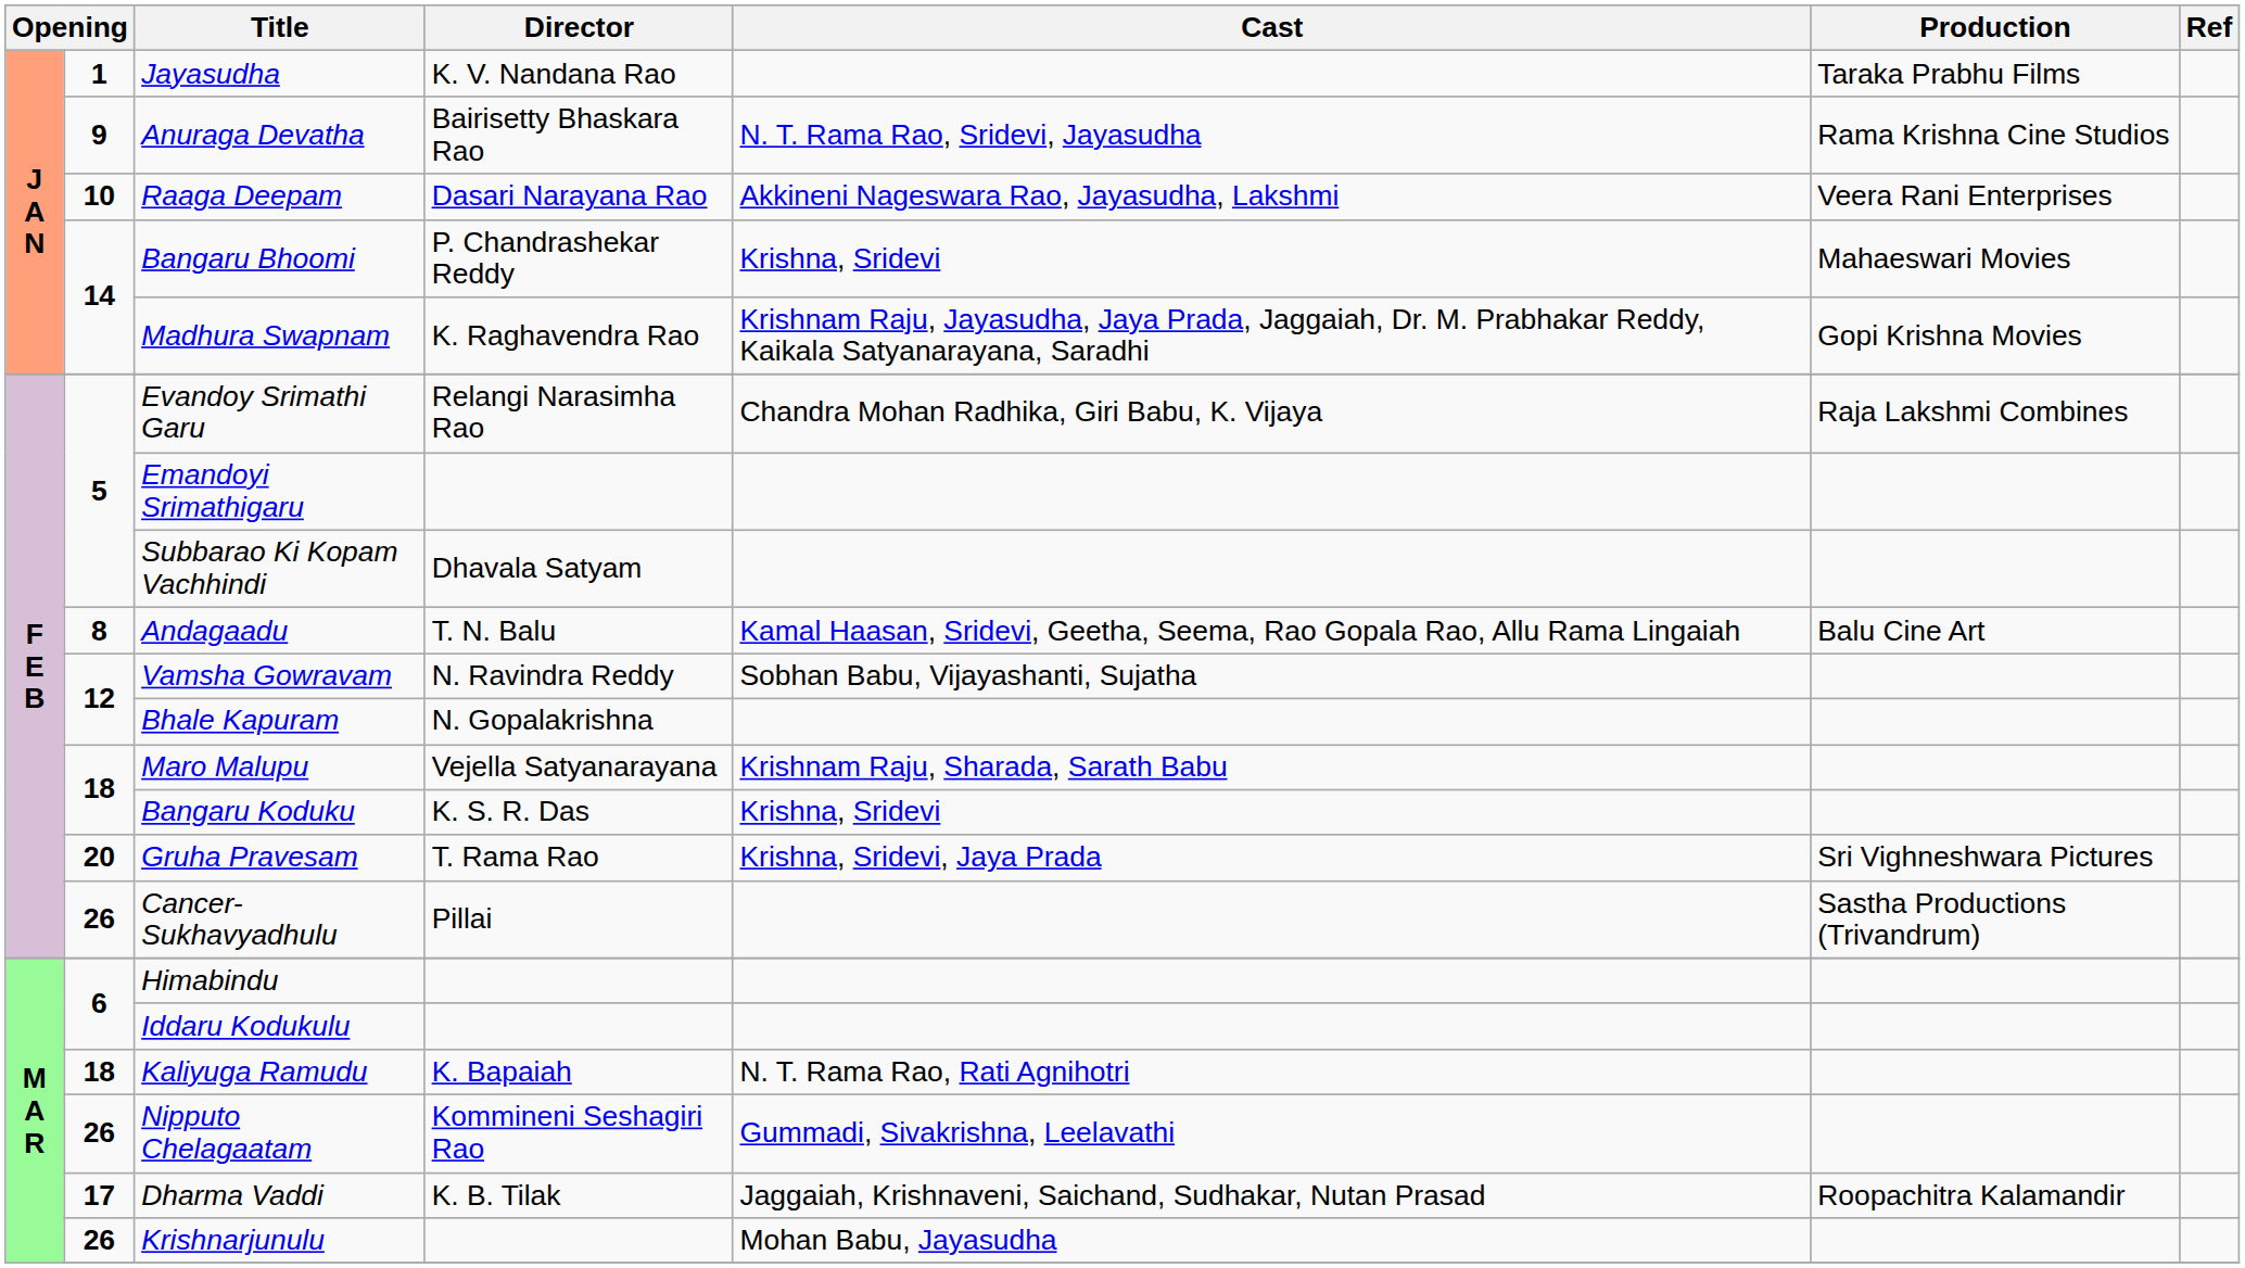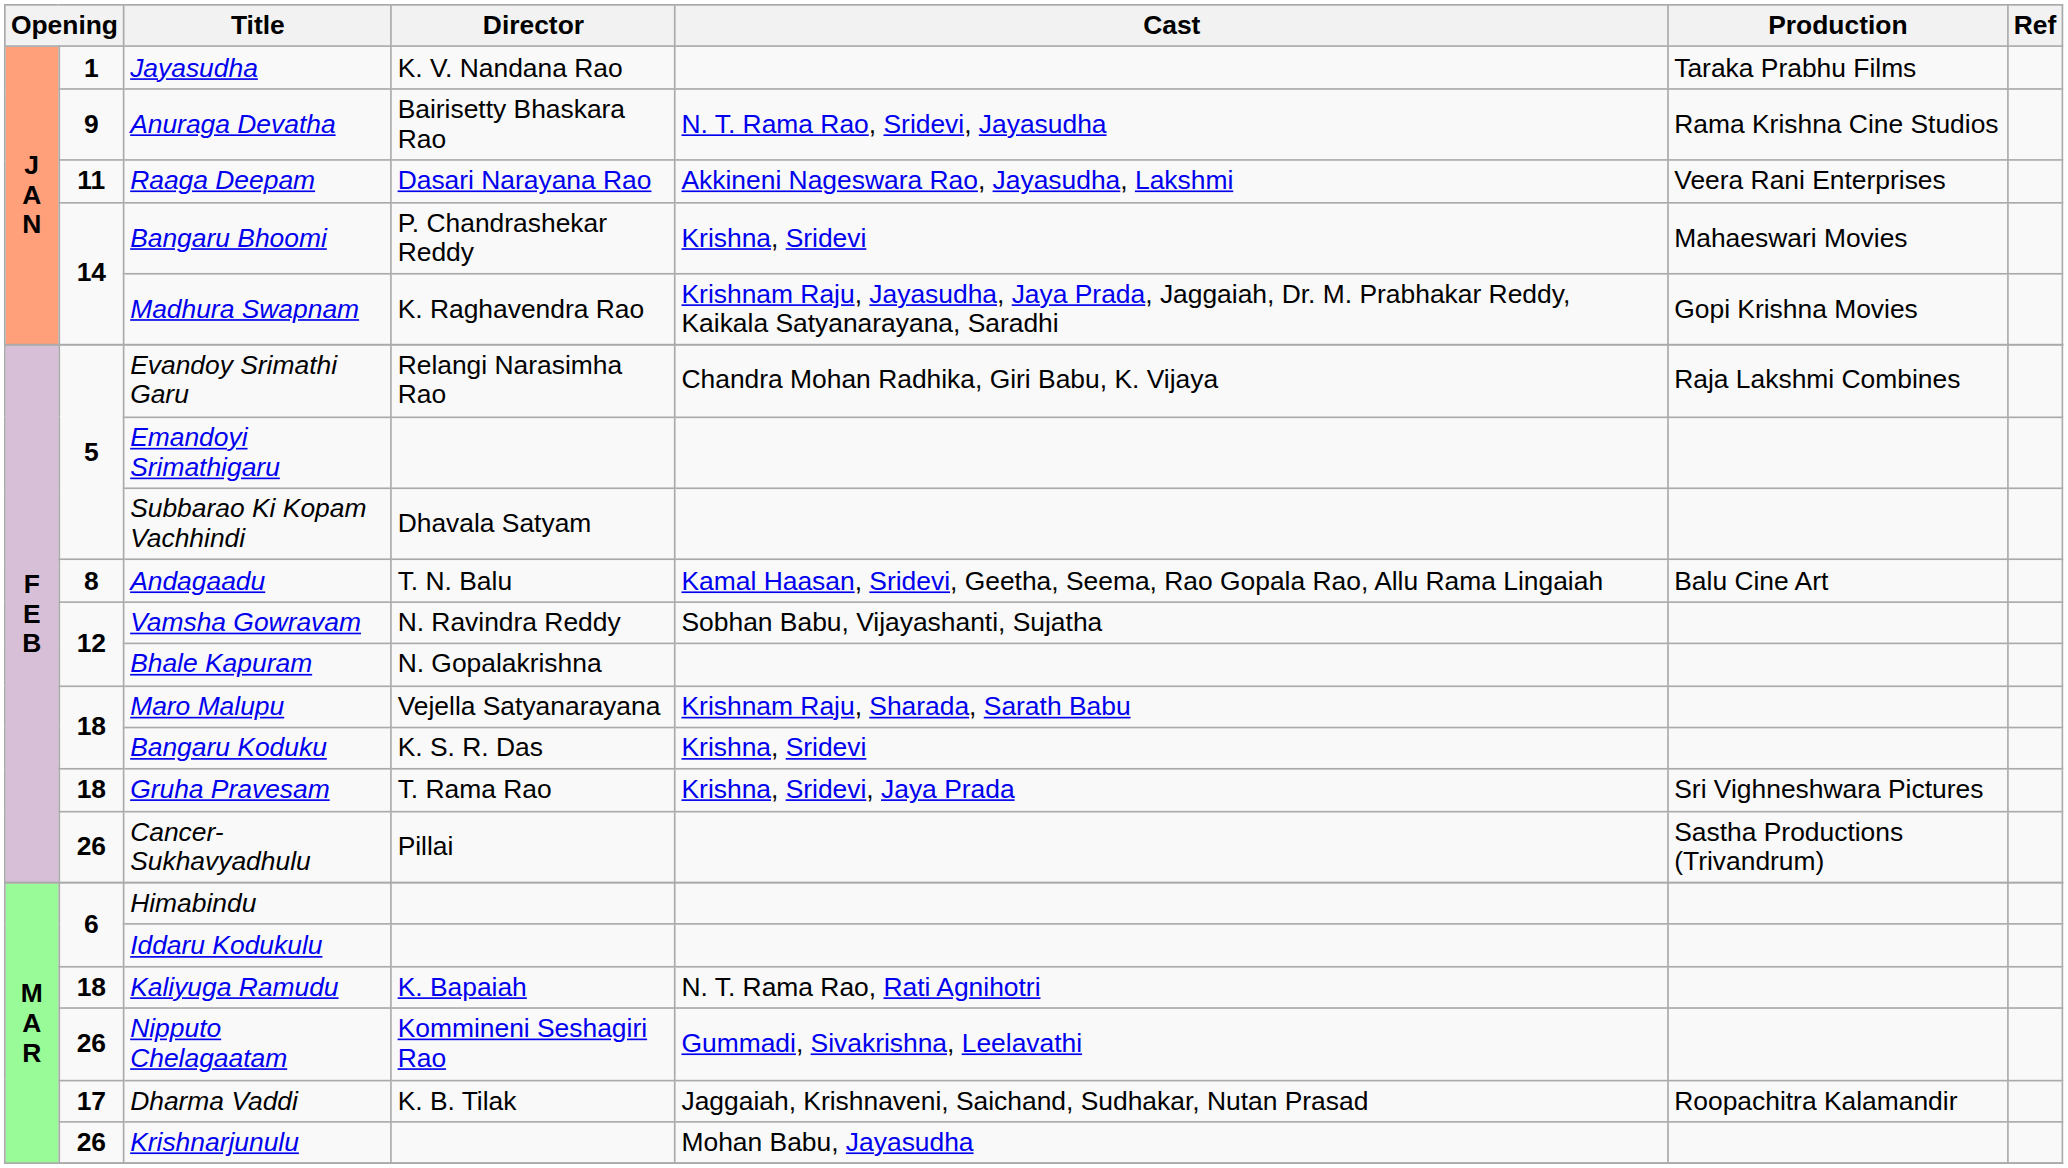 <table class="wikitable">
 <tr style="background:#b0e0e6; text-align:center;">
 <th colspan="2">Opening</th>
 <th style="width:13%;">Title</th>
 <th>Director</th>
 <th>Cast</th>
 <th>Production</th>
 <th>Ref</th>
 </tr>
 <tr January!>
 <td rowspan="5"   style="text-align:center; background:#ffa07a; textcolor:#000;"><strong>J<br>A<br>N</strong></td>
 <td rowspan=1 style="text-align:center;"><strong>1</strong></td>
 <td><em><a href='#'>Jayasudha</a></em></td>
 <td>K. V. Nandana Rao</td>
 <td></td>
 <td>Taraka Prabhu Films</td>
 <td></td>
 </tr>
 <tr>
 <td rowspan=1 style="text-align:center;"><strong>9</strong></td>
 <td><em><a href='#'>Anuraga Devatha</a></em></td>
 <td>Bairisetty Bhaskara Rao</td>
 <td><a href='#'>N. T. Rama Rao</a>, <a href='#'>Sridevi</a>, <a href='#'>Jayasudha</a></td>
 <td>Rama Krishna Cine Studios</td>
 <td></td>
 </tr>
 <tr>
-<td rowspan=1 style="text-align:center;"><strong>10</strong></td>
+<td rowspan=1 style="text-align:center;"><strong>11</strong></td>
 <td><em><a href='#'>Raaga Deepam</a></em></td>
 <td><a href='#'>Dasari Narayana Rao</a></td>
 <td><a href='#'>Akkineni Nageswara Rao</a>, <a href='#'>Jayasudha</a>, <a href='#'>Lakshmi</a></td>
 <td>Veera Rani Enterprises</td>
 <td></td>
 </tr>
 <tr>
 <td rowspan=2 style="text-align:center;"><strong>14</strong></td>
 <td><em><a href='#'>Bangaru Bhoomi</a></em></td>
 <td>P. Chandrashekar Reddy</td>
 <td><a href='#'>Krishna</a>, <a href='#'>Sridevi</a></td>
 <td>Mahaeswari Movies</td>
 <td></td>
 </tr>
 <tr>
 <td><em><a href='#'>Madhura Swapnam</a></em></td>
 <td>K. Raghavendra Rao</td>
 <td><a href='#'>Krishnam Raju</a>, <a href='#'>Jayasudha</a>, <a href='#'>Jaya Prada</a>, Jaggaiah, Dr. M. Prabhakar Reddy, Kaikala Satyanarayana, Saradhi</td>
 <td>Gopi Krishna Movies</td>
 <td></td>
 </tr>
 <tr>
 </tr>
 <tr February!>
 <td rowspan="10"   style="text-align:center; background:thistle; textcolor:#000;"><strong>F<br>E<br>B</strong></td>
 <td rowspan="3" style="text-align:center;"><strong>5</strong></td>
 <td><em>Evandoy Srimathi Garu</em></td>
 <td>Relangi Narasimha Rao</td>
 <td>Chandra Mohan Radhika, Giri Babu, K. Vijaya</td>
 <td>Raja Lakshmi Combines</td>
 <td></td>
 </tr>
 <tr>
 <td><em><a href='#'>Emandoyi Srimathigaru</a></em></td>
 <td></td>
 <td></td>
 <td></td>
 <td></td>
 </tr>
 <tr>
 <td><em>Subbarao Ki Kopam Vachhindi</em></td>
 <td>Dhavala Satyam</td>
 <td></td>
 <td></td>
 <td></td>
 </tr>
 <tr>
 <td style="text-align:center;"><strong>8</strong></td>
 <td><em><a href='#'>Andagaadu</a></em></td>
 <td>T. N. Balu</td>
 <td><a href='#'>Kamal Haasan</a>, <a href='#'>Sridevi</a>, Geetha, Seema, Rao Gopala Rao, Allu Rama Lingaiah</td>
 <td>Balu Cine Art</td>
 <td></td>
 </tr>
 <tr>
 <td rowspan=2 style="text-align:center;"><strong>12</strong></td>
 <td><em><a href='#'>Vamsha Gowravam</a></em></td>
 <td>N. Ravindra Reddy</td>
 <td>Sobhan Babu, Vijayashanti, Sujatha</td>
 <td></td>
 <td></td>
 </tr>
 <tr>
 <td><em><a href='#'>Bhale Kapuram</a></em></td>
 <td>N. Gopalakrishna</td>
 <td></td>
 <td></td>
 <td></td>
 </tr>
 <tr>
 <td rowspan=2 style="text-align:center;"><strong>18</strong></td>
 <td><em><a href='#'>Maro Malupu</a></em></td>
 <td>Vejella Satyanarayana</td>
 <td><a href='#'>Krishnam Raju</a>, <a href='#'>Sharada</a>, <a href='#'>Sarath Babu</a></td>
 <td></td>
 <td></td>
 </tr>
 <tr>
 <td><em><a href='#'>Bangaru Koduku</a></em></td>
 <td>K. S. R. Das</td>
 <td><a href='#'>Krishna</a>, <a href='#'>Sridevi</a></td>
 <td></td>
 <td></td>
 </tr>
 <tr>
-<td style="text-align:center;"><strong>20</strong></td>
+<td style="text-align:center;"><strong>18</strong></td>
 <td><em><a href='#'>Gruha Pravesam</a></em></td>
 <td>T. Rama Rao</td>
 <td><a href='#'>Krishna</a>, <a href='#'>Sridevi</a>, <a href='#'>Jaya Prada</a></td>
 <td>Sri Vighneshwara Pictures</td>
 <td></td>
 </tr>
 <tr>
 <td style="text-align:center;"><strong>26</strong></td>
 <td><em>Cancer-Sukhavyadhulu</em></td>
 <td>Pillai</td>
 <td></td>
 <td>Sastha Productions (Trivandrum)</td>
 <td></td>
 </tr>
 <tr>
 </tr>
 <tr March!>
 <td rowspan="8"   style="text-align:center; background:#98fb98; textcolor:#000;"><strong>M<br>A<br>R</strong></td>
 <td rowspan=2 style="text-align:center;"><strong>6</strong></td>
 <td><em>Himabindu</em></td>
 <td></td>
 <td></td>
 <td></td>
 <td></td>
 </tr>
 <tr>
 <td><em><a href='#'>Iddaru Kodukulu</a></em></td>
 <td></td>
 <td></td>
 <td></td>
 <td></td>
 </tr>
 <tr>
 <td style="text-align:center;"><strong>18</strong></td>
 <td><em><a href='#'>Kaliyuga Ramudu</a></em></td>
 <td><a href='#'>K. Bapaiah</a></td>
 <td>N. T. Rama Rao, <a href='#'>Rati Agnihotri</a></td>
 <td></td>
 <td></td>
 </tr>
 <tr>
 <td style="text-align:center;"><strong>26</strong></td>
 <td><em><a href='#'>Nipputo Chelagaatam</a></em></td>
 <td><a href='#'>Kommineni Seshagiri Rao</a></td>
 <td><a href='#'>Gummadi</a>, <a href='#'>Sivakrishna</a>, <a href='#'>Leelavathi</a></td>
 <td></td>
 <td></td>
 </tr>
 <tr>
 <td style="text-align:center;"><strong>17</strong></td>
 <td><em>Dharma Vaddi</em></td>
 <td>K. B. Tilak</td>
 <td>Jaggaiah, Krishnaveni, Saichand, Sudhakar, Nutan Prasad</td>
 <td>Roopachitra Kalamandir</td>
 <td></td>
 </tr>
 <tr>
 <td style="text-align:center;"><strong>26</strong></td>
 <td><em><a href='#'>Krishnarjunulu</a></em></td>
 <td></td>
 <td>Mohan Babu, <a href='#'>Jayasudha</a></td>
 <td></td>
 <td></td>
 </tr>
 <tr>
 </tr>
 </table>
